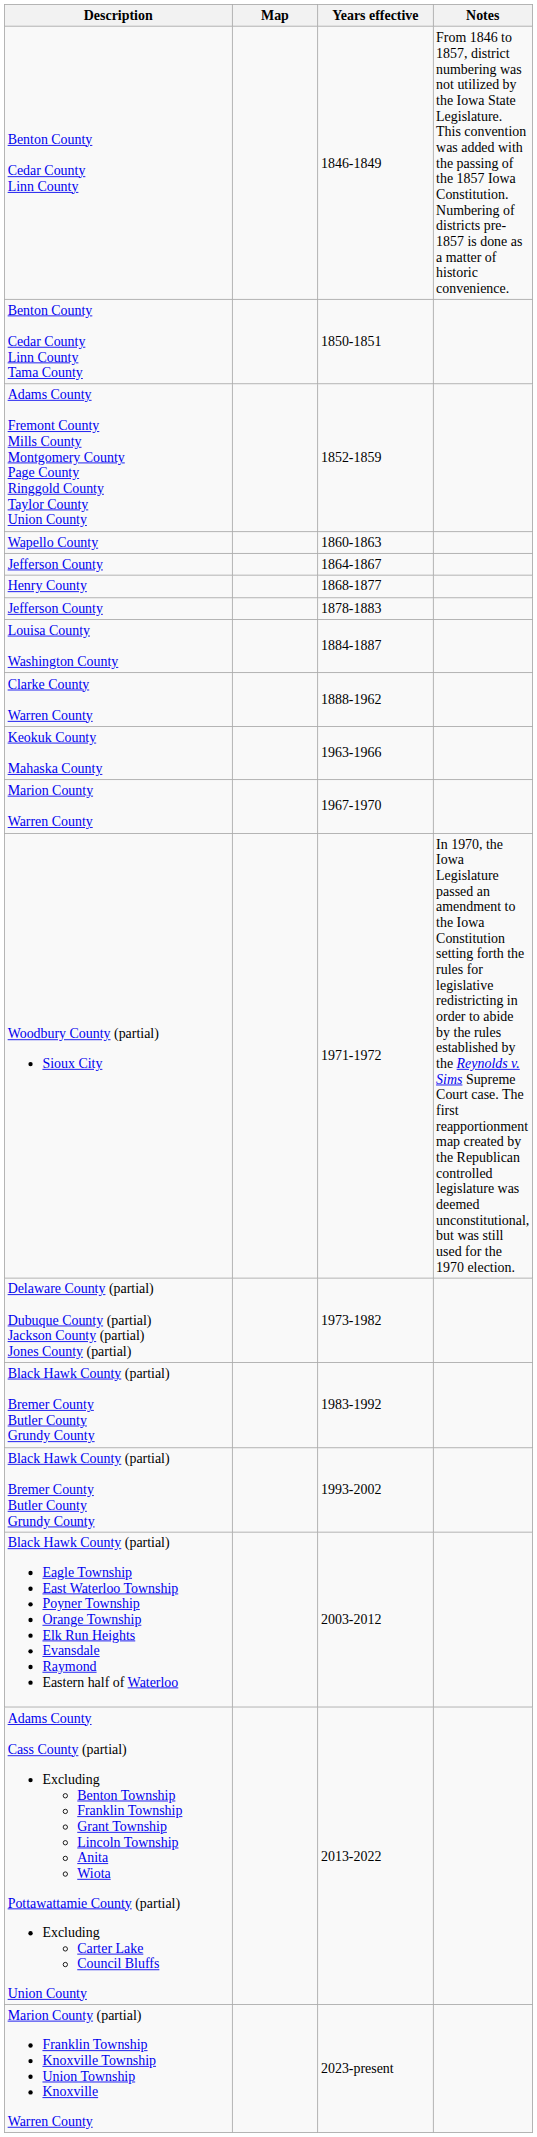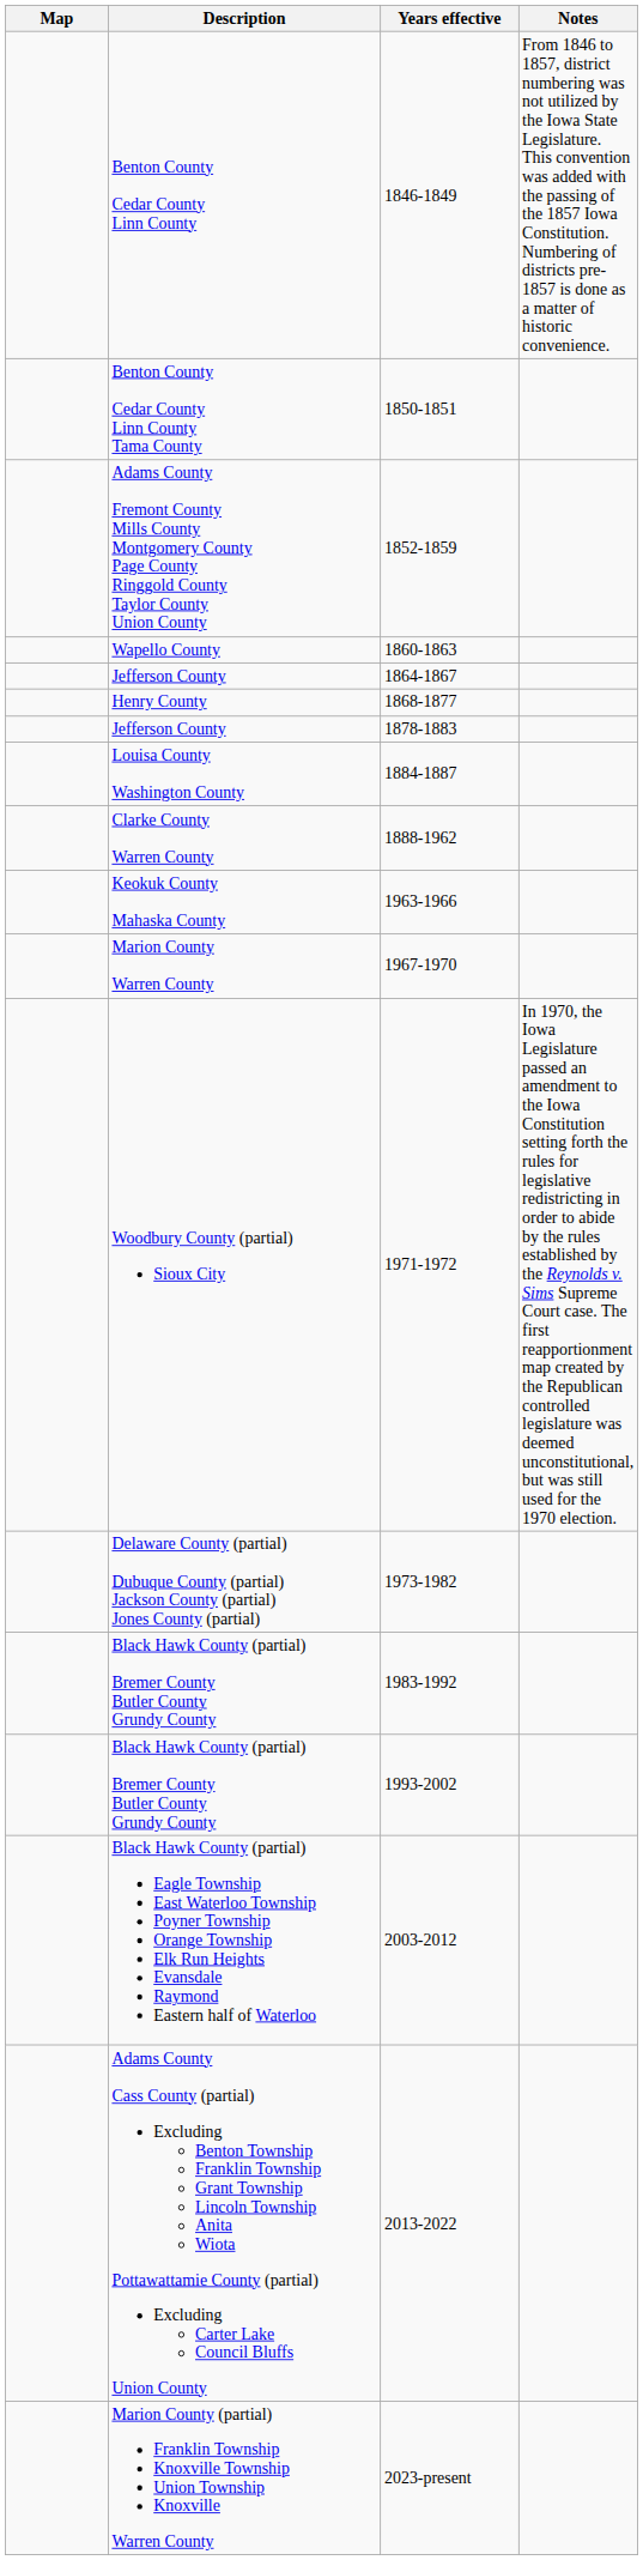 <table class="wikitable sortable">
 <tr>
+<th style="width:100pt;">Map</th>
 <th style="width:250pt;">Description</th>
-<th style="width:100pt;">Map</th>
 <th style="width:130pt;">Years effective</th>
 <th style="width:15pt;">Notes</th>
 </tr>
 <tr>
+<td></td>
 <td><a href='#'>Benton County</a><br><br><a href='#'>Cedar County</a><br> <a href='#'>Linn County</a></td>
-<td></td>
 <td>1846-1849</td>
 <td>From 1846 to 1857, district numbering was not utilized by the Iowa State Legislature. This convention was added with the passing of the 1857 Iowa Constitution. Numbering of districts pre-1857 is done as a matter of historic convenience.</td>
 </tr>
 <tr>
+<td></td>
 <td><a href='#'>Benton County</a><br><br><a href='#'>Cedar County</a><br> <a href='#'>Linn County</a><br> <a href='#'>Tama County</a></td>
-<td></td>
 <td>1850-1851</td>
 <td></td>
 </tr>
 <tr>
+<td></td>
 <td><a href='#'>Adams County</a><br><br><a href='#'>Fremont County</a><br> <a href='#'>Mills County</a><br> <a href='#'>Montgomery County</a><br> <a href='#'>Page County</a><br> <a href='#'>Ringgold County</a><br> <a href='#'>Taylor County</a><br> <a href='#'>Union County</a></td>
-<td></td>
 <td>1852-1859</td>
 <td></td>
 </tr>
 <tr>
+<td></td>
 <td><a href='#'>Wapello County</a></td>
-<td></td>
 <td>1860-1863</td>
 <td></td>
 </tr>
 <tr>
+<td></td>
 <td><a href='#'>Jefferson County</a></td>
-<td></td>
 <td>1864-1867</td>
 <td></td>
 </tr>
 <tr>
+<td></td>
 <td><a href='#'>Henry County</a></td>
-<td></td>
 <td>1868-1877</td>
 <td></td>
 </tr>
 <tr>
+<td></td>
 <td><a href='#'>Jefferson County</a></td>
-<td></td>
 <td>1878-1883</td>
 <td></td>
 </tr>
 <tr>
+<td></td>
 <td><a href='#'>Louisa County</a><br><br><a href='#'>Washington County</a></td>
-<td></td>
 <td>1884-1887</td>
 <td></td>
 </tr>
 <tr>
+<td></td>
 <td><a href='#'>Clarke County</a><br><br><a href='#'>Warren County</a></td>
-<td></td>
 <td>1888-1962</td>
 <td></td>
 </tr>
 <tr>
+<td></td>
 <td><a href='#'>Keokuk County</a><br><br><a href='#'>Mahaska County</a></td>
-<td></td>
 <td>1963-1966</td>
 <td></td>
 </tr>
 <tr>
+<td></td>
 <td><a href='#'>Marion County</a><br><br><a href='#'>Warren County</a></td>
-<td></td>
 <td>1967-1970</td>
 <td></td>
 </tr>
 <tr>
+<td></td>
 <td><a href='#'>Woodbury County</a> (partial)<br><ul><li><a href='#'>Sioux City</a></li></ul></td>
-<td></td>
 <td>1971-1972</td>
 <td>In 1970, the Iowa Legislature passed an amendment to the Iowa Constitution setting forth the rules for legislative redistricting in order to abide by the rules established by the <em><a href='#'>Reynolds v. Sims</a></em> Supreme Court case. The first reapportionment map created by the Republican controlled legislature was deemed unconstitutional, but was still used for the 1970 election.</td>
 </tr>
 <tr>
+<td></td>
 <td><a href='#'>Delaware County</a> (partial)<br><br><a href='#'>Dubuque County</a> (partial)<br> <a href='#'>Jackson County</a> (partial)<br> <a href='#'>Jones County</a> (partial)</td>
-<td></td>
 <td>1973-1982</td>
 <td></td>
 </tr>
 <tr>
+<td></td>
 <td><a href='#'>Black Hawk County</a> (partial)<br><br><a href='#'>Bremer County</a><br> <a href='#'>Butler County</a><br> <a href='#'>Grundy County</a></td>
-<td></td>
 <td>1983-1992</td>
 <td></td>
 </tr>
 <tr>
+<td></td>
 <td><a href='#'>Black Hawk County</a> (partial)<br><br><a href='#'>Bremer County</a><br> <a href='#'>Butler County</a><br> <a href='#'>Grundy County</a></td>
-<td></td>
 <td>1993-2002</td>
 <td></td>
 </tr>
 <tr>
+<td></td>
 <td><a href='#'>Black Hawk County</a> (partial)<br><ul><li><a href='#'>Eagle Township</a></li><li><a href='#'>East Waterloo Township</a></li><li><a href='#'>Poyner Township</a></li><li><a href='#'>Orange Township</a></li><li><a href='#'>Elk Run Heights</a></li><li><a href='#'>Evansdale</a></li><li><a href='#'>Raymond</a></li><li>Eastern half of <a href='#'>Waterloo</a></li></ul></td>
-<td></td>
 <td>2003-2012</td>
 <td></td>
 </tr>
 <tr>
+<td></td>
 <td><a href='#'>Adams County</a><br><br><a href='#'>Cass County</a> (partial)<ul><li>Excluding<ul><li><a href='#'>Benton Township</a></li><li><a href='#'>Franklin Township</a></li><li><a href='#'>Grant Township</a></li><li><a href='#'>Lincoln Township</a></li><li><a href='#'>Anita</a></li><li><a href='#'>Wiota</a></li></ul></li></ul><a href='#'>Pottawattamie County</a> (partial)<ul><li>Excluding<ul><li><a href='#'>Carter Lake</a></li><li><a href='#'>Council Bluffs</a></li></ul></li></ul><a href='#'>Union County</a></td>
-<td></td>
 <td>2013-2022</td>
 <td></td>
 </tr>
 <tr>
+<td></td>
 <td><a href='#'>Marion County</a> (partial)<br><ul><li><a href='#'>Franklin Township</a></li><li><a href='#'>Knoxville Township</a></li><li><a href='#'>Union Township</a></li><li><a href='#'>Knoxville</a></li></ul><a href='#'>Warren County</a></td>
-<td></td>
 <td>2023-present</td>
 <td></td>
 </tr>
 </table>
